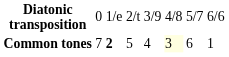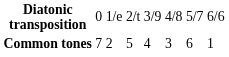 <table>
 <tr>
 <th>Diatonic<br>transposition</th>
 <td>0</td>
 <td>1/e</td>
 <td>2/t</td>
 <td>3/9</td>
 <td>4/8</td>
 <td>5/7</td>
 <td>6/6</td>
 </tr>
 <tr>
 <th>Common tones</th>
 <td>7</td>
-<td><strong>2</strong></td>
+<td>2</td>
 <td>5</td>
 <td>4</td>
-<td style="background: lightyellow;">3</td>
+<td>3</td>
 <td>6</td>
 <td>1</td>
 </tr>
 </table>
